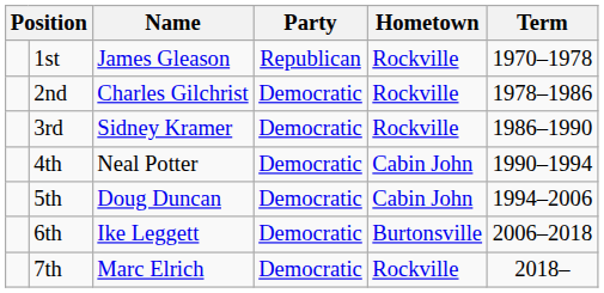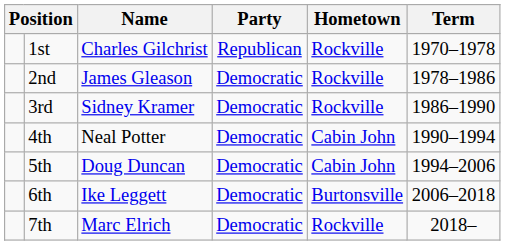 <table class="wikitable">
 <tr>
 <th colspan="2"  style="text-align:center; vertical-align:bottom;">Position</th>
 <th style="text-align:center;">Name</th>
 <th valign=bottom>Party</th>
 <th valign=bottom>Hometown</th>
 <th style="vertical-align:bottom; text-align:center;">Term</th>
 </tr>
 <tr>
 <td style="background-color:"> </td>
 <td>1st</td>
-<td><a href='#'>James Gleason</a></td>
+<td><a href='#'>Charles Gilchrist</a></td>
 <td style="text-align:center;"><a href='#'>Republican</a></td>
 <td><a href='#'>Rockville</a></td>
 <td style="text-align:center;">1970–1978</td>
 </tr>
 <tr>
 <td style="background-color:"> </td>
 <td>2nd</td>
-<td><a href='#'>Charles Gilchrist</a></td>
+<td><a href='#'>James Gleason</a></td>
 <td style="text-align:center;"><a href='#'>Democratic</a></td>
 <td><a href='#'>Rockville</a></td>
 <td style="text-align:center;">1978–1986</td>
 </tr>
 <tr>
 <td style="background-color:"> </td>
 <td>3rd</td>
 <td><a href='#'>Sidney Kramer</a></td>
 <td style="text-align:center;"><a href='#'>Democratic</a></td>
 <td><a href='#'>Rockville</a></td>
 <td style="text-align:center;">1986–1990</td>
 </tr>
 <tr>
 <td style="background-color:"> </td>
 <td>4th</td>
 <td>Neal Potter</td>
 <td style="text-align:center;"><a href='#'>Democratic</a></td>
 <td><a href='#'>Cabin John</a></td>
 <td style="text-align:center;">1990–1994</td>
 </tr>
 <tr>
 <td style="background-color:"> </td>
 <td>5th</td>
 <td><a href='#'>Doug Duncan</a></td>
 <td style="text-align:center;"><a href='#'>Democratic</a></td>
 <td><a href='#'>Cabin John</a></td>
 <td style="text-align:center;">1994–2006</td>
 </tr>
 <tr>
 <td style="background-color:"> </td>
 <td>6th</td>
 <td><a href='#'>Ike Leggett</a></td>
 <td style="text-align:center;"><a href='#'>Democratic</a></td>
 <td><a href='#'>Burtonsville</a></td>
 <td style="text-align:center;">2006–2018</td>
 </tr>
 <tr>
 <td style="background-color:"> </td>
 <td>7th</td>
 <td><a href='#'>Marc Elrich</a></td>
 <td style="text-align:center;"><a href='#'>Democratic</a></td>
 <td><a href='#'>Rockville</a></td>
 <td style="text-align:center;">2018–</td>
 </tr>
 </table>
